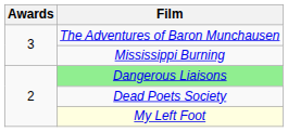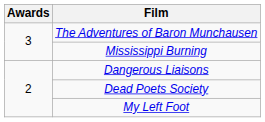 <table class="wikitable" style="text-align:center;">
 <tr>
 <th style="background:">Awards</th>
 <th style="background:">Film</th>
 </tr>
 <tr>
 <td rowspan="2">3</td>
 <td><em><a href='#'>The Adventures of Baron Munchausen</a></em></td>
 </tr>
 <tr>
 <td><em><a href='#'>Mississippi Burning</a></em></td>
 </tr>
 <tr>
 <td rowspan="3">2</td>
-<td style="background: lightgreen;"><em><a href='#'>Dangerous Liaisons</a></em></td>
+<td><em><a href='#'>Dangerous Liaisons</a></em></td>
 </tr>
 <tr>
 <td><em><a href='#'>Dead Poets Society</a></em></td>
 </tr>
 <tr>
-<td style="background: lightyellow;"><em><a href='#'>My Left Foot</a></em></td>
+<td><em><a href='#'>My Left Foot</a></em></td>
 </tr>
 </table>
